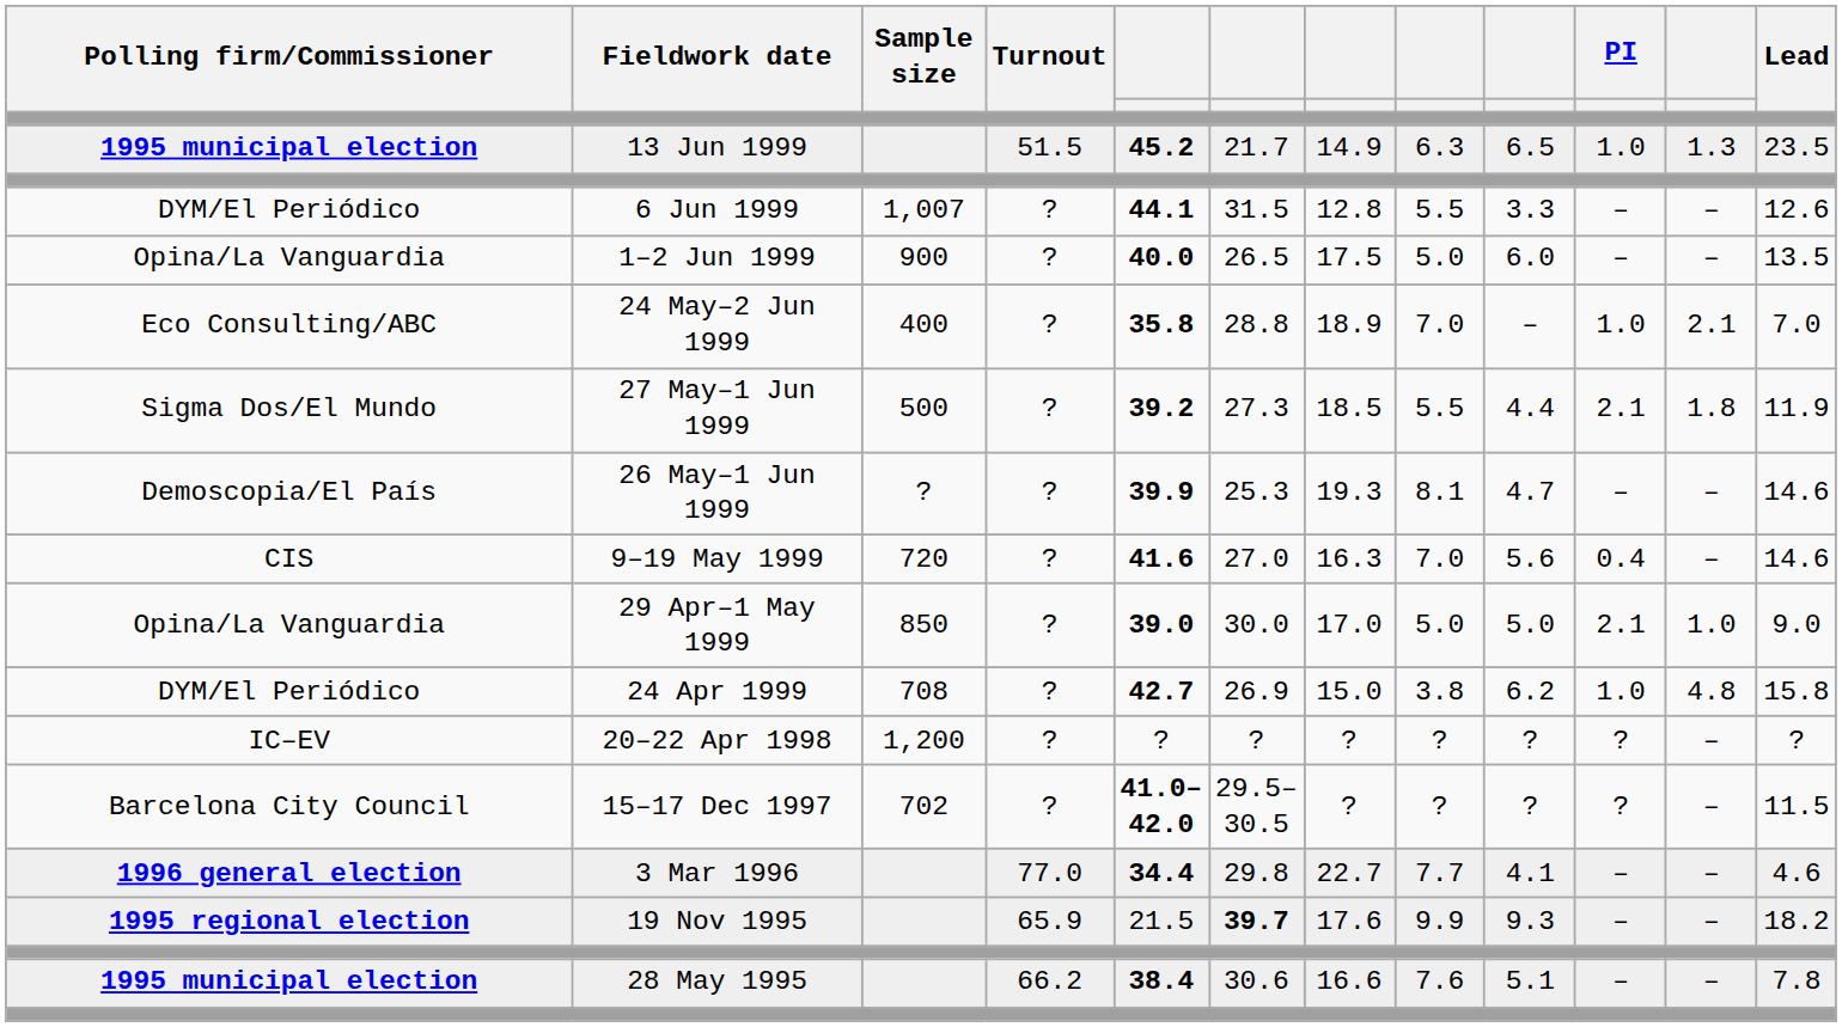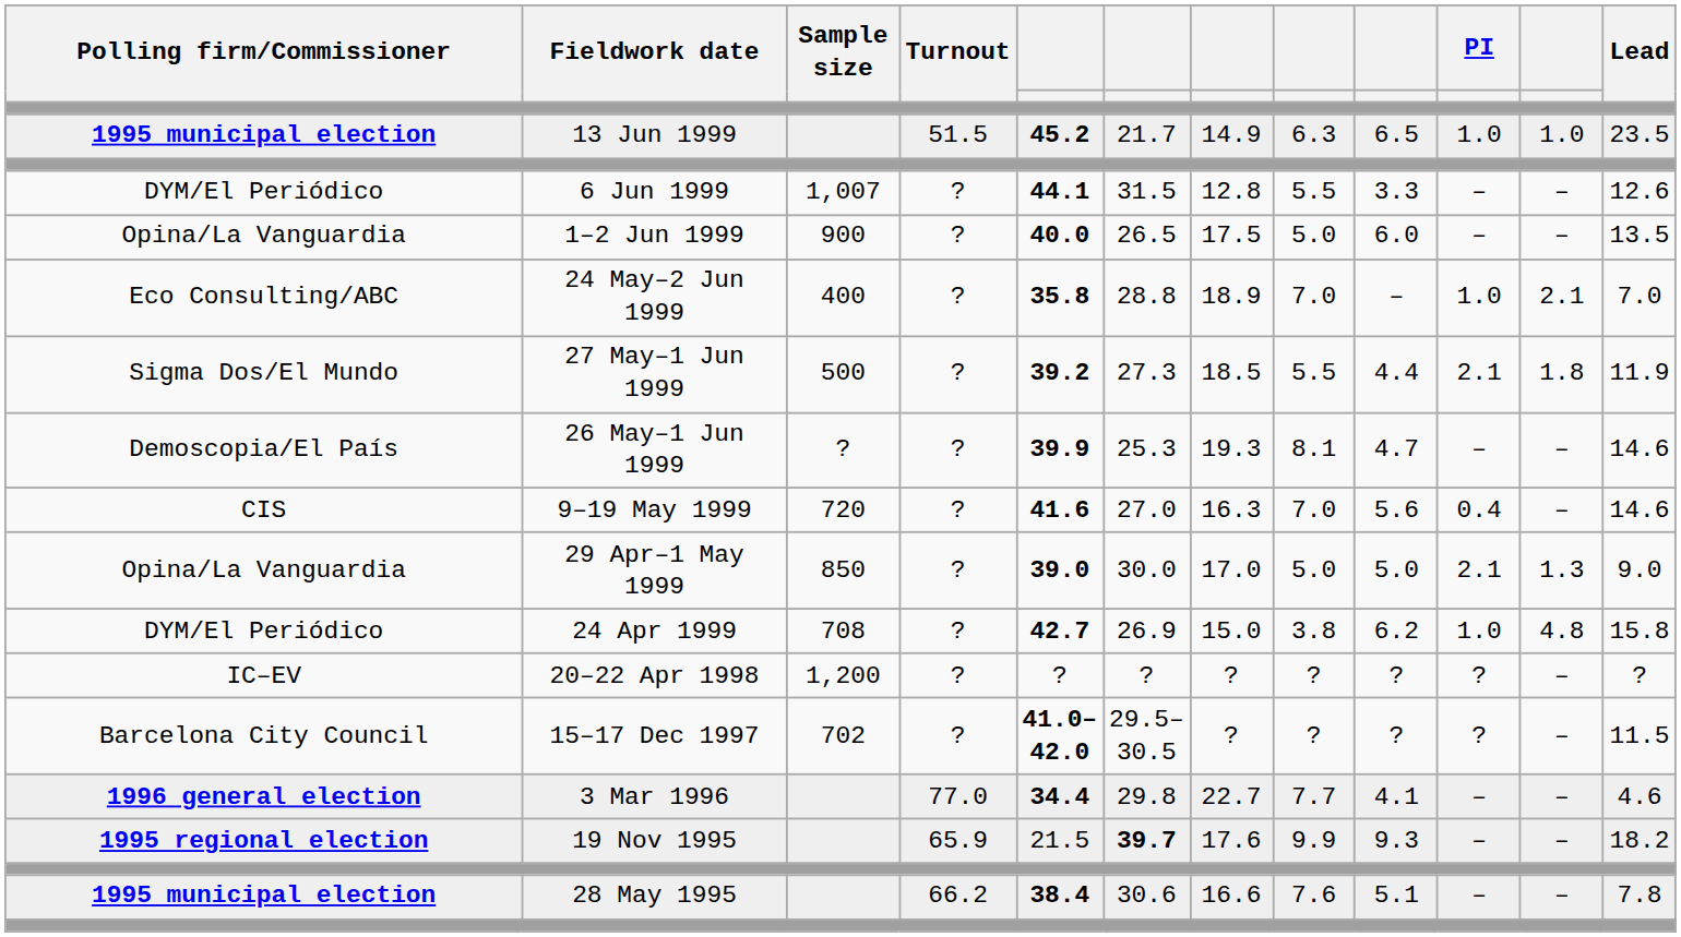 <table class="wikitable collapsible collapsed" style="text-align:center; font-size:95%; line-height:16px;">
 <tr style="height:42px;">
 <th style="width:250px;" rowspan="2">Polling firm/Commissioner</th>
 <th style="width:125px;" rowspan="2">Fieldwork date</th>
 <th style="width:50px;" rowspan="2">Sample size</th>
 <th style="width:45px;" rowspan="2">Turnout</th>
 <th style="width:35px;"></th>
 <th style="width:35px;"></th>
 <th style="width:35px;"></th>
 <th style="width:35px;"></th>
 <th style="width:35px;"></th>
 <th style="width:35px;"><a href='#'>PI</a></th>
 <th style="width:35px;"></th>
 <th style="width:30px;" rowspan="2">Lead</th>
 </tr>
 <tr>
 <th style="color:inherit;background:"></th>
 <th style="color:inherit;background:"></th>
 <th style="color:inherit;background:"></th>
 <th style="color:inherit;background:"></th>
 <th style="color:inherit;background:"></th>
 <th style="color:inherit;background:"></th>
 <th style="color:inherit;background:"></th>
 </tr>
 <tr>
 <td colspan="12" style="background:#A0A0A0"></td>
 </tr>
 <tr style="background:#EFEFEF;">
 <td><strong><a href='#'>1995 municipal election</a></strong></td>
 <td>13 Jun 1999</td>
 <td></td>
 <td>51.5</td>
 <td><strong>45.2</strong><br></td>
 <td>21.7<br></td>
 <td>14.9<br></td>
 <td>6.3<br></td>
 <td>6.5<br></td>
 <td>1.0<br></td>
-<td>1.3<br></td>
+<td>1.0<br></td>
 <td style="background:">23.5</td>
 </tr>
 <tr>
 <td colspan="12" style="background:#A0A0A0"></td>
 </tr>
 <tr>
 <td>DYM/El Periódico</td>
 <td>6 Jun 1999</td>
 <td>1,007</td>
 <td>?</td>
 <td><strong>44.1</strong><br></td>
 <td>31.5<br></td>
 <td>12.8<br></td>
 <td>5.5<br></td>
 <td>3.3<br></td>
 <td>–</td>
 <td>–</td>
 <td style="background:">12.6</td>
 </tr>
 <tr>
 <td>Opina/La Vanguardia</td>
 <td>1–2 Jun 1999</td>
 <td>900</td>
 <td>?</td>
 <td><strong>40.0</strong><br></td>
 <td>26.5<br></td>
 <td>17.5<br></td>
 <td>5.0<br></td>
 <td>6.0<br></td>
 <td>–</td>
 <td>–</td>
 <td style="background:">13.5</td>
 </tr>
 <tr>
 <td>Eco Consulting/ABC</td>
 <td>24 May–2 Jun 1999</td>
 <td>400</td>
 <td>?</td>
 <td><strong>35.8</strong><br></td>
 <td>28.8<br></td>
 <td>18.9<br></td>
 <td>7.0<br></td>
 <td>–</td>
 <td>1.0<br></td>
 <td>2.1<br></td>
 <td style="background:">7.0</td>
 </tr>
 <tr>
 <td>Sigma Dos/El Mundo</td>
 <td>27 May–1 Jun 1999</td>
 <td>500</td>
 <td>?</td>
 <td><strong>39.2</strong><br></td>
 <td>27.3<br></td>
 <td>18.5<br></td>
 <td>5.5<br></td>
 <td>4.4<br></td>
 <td>2.1<br></td>
 <td>1.8<br></td>
 <td style="background:">11.9</td>
 </tr>
 <tr>
 <td>Demoscopia/El País</td>
 <td>26 May–1 Jun 1999</td>
 <td>?</td>
 <td>?</td>
 <td><strong>39.9</strong><br></td>
 <td>25.3<br></td>
 <td>19.3<br></td>
 <td>8.1<br></td>
 <td>4.7<br></td>
 <td>–</td>
 <td>–</td>
 <td style="background:">14.6</td>
 </tr>
 <tr>
 <td>CIS</td>
 <td>9–19 May 1999</td>
 <td>720</td>
 <td>?</td>
 <td><strong>41.6</strong><br></td>
 <td>27.0<br></td>
 <td>16.3<br></td>
 <td>7.0<br></td>
 <td>5.6<br></td>
 <td>0.4<br></td>
 <td>–</td>
 <td style="background:">14.6</td>
 </tr>
 <tr>
 <td>Opina/La Vanguardia</td>
 <td>29 Apr–1 May 1999</td>
 <td>850</td>
 <td>?</td>
 <td><strong>39.0</strong><br></td>
 <td>30.0<br></td>
 <td>17.0<br></td>
 <td>5.0<br></td>
 <td>5.0<br></td>
 <td>2.1<br></td>
-<td>1.0<br></td>
+<td>1.3<br></td>
 <td style="background:">9.0</td>
 </tr>
 <tr>
 <td>DYM/El Periódico</td>
 <td>24 Apr 1999</td>
 <td>708</td>
 <td>?</td>
 <td><strong>42.7</strong><br></td>
 <td>26.9<br></td>
 <td>15.0<br></td>
 <td>3.8<br></td>
 <td>6.2<br></td>
 <td>1.0<br></td>
 <td>4.8<br></td>
 <td style="background:">15.8</td>
 </tr>
 <tr>
 <td>IC–EV</td>
 <td>20–22 Apr 1998</td>
 <td>1,200</td>
 <td>?</td>
 <td>?<br></td>
 <td>?<br></td>
 <td>?<br></td>
 <td>?<br></td>
 <td>?<br></td>
 <td>?<br></td>
 <td>–</td>
 <td style="background:">?</td>
 </tr>
 <tr>
 <td>Barcelona City Council</td>
 <td>15–17 Dec 1997</td>
 <td>702</td>
 <td>?</td>
 <td><strong>41.0–<br>42.0</strong><br></td>
 <td>29.5–<br>30.5<br></td>
 <td>?<br></td>
 <td>?<br></td>
 <td>?<br></td>
 <td>?<br></td>
 <td>–</td>
 <td style="background:">11.5</td>
 </tr>
 <tr style="background:#EFEFEF;">
 <td><strong><a href='#'>1996 general election</a></strong></td>
 <td>3 Mar 1996</td>
 <td></td>
 <td>77.0</td>
 <td><strong>34.4</strong><br></td>
 <td>29.8<br></td>
 <td>22.7<br></td>
 <td>7.7<br></td>
 <td>4.1<br></td>
 <td>–</td>
 <td>–</td>
 <td style="background:">4.6</td>
 </tr>
 <tr style="background:#EFEFEF;">
 <td><strong><a href='#'>1995 regional election</a></strong></td>
 <td>19 Nov 1995</td>
 <td></td>
 <td>65.9</td>
 <td>21.5<br></td>
 <td><strong>39.7</strong><br></td>
 <td>17.6<br></td>
 <td>9.9<br></td>
 <td>9.3<br></td>
 <td>–</td>
 <td>–</td>
 <td style="background:">18.2</td>
 </tr>
 <tr>
 <td colspan="12" style="background:#A0A0A0"></td>
 </tr>
 <tr style="background:#EFEFEF;">
 <td><strong><a href='#'>1995 municipal election</a></strong></td>
 <td>28 May 1995</td>
 <td></td>
 <td>66.2</td>
 <td><strong>38.4</strong><br></td>
 <td>30.6<br></td>
 <td>16.6<br></td>
 <td>7.6<br></td>
 <td>5.1<br></td>
 <td>–</td>
 <td>–</td>
 <td style="background:">7.8</td>
 </tr>
 <tr>
 <td colspan="12" style="background:#A0A0A0"></td>
 </tr>
 </table>
